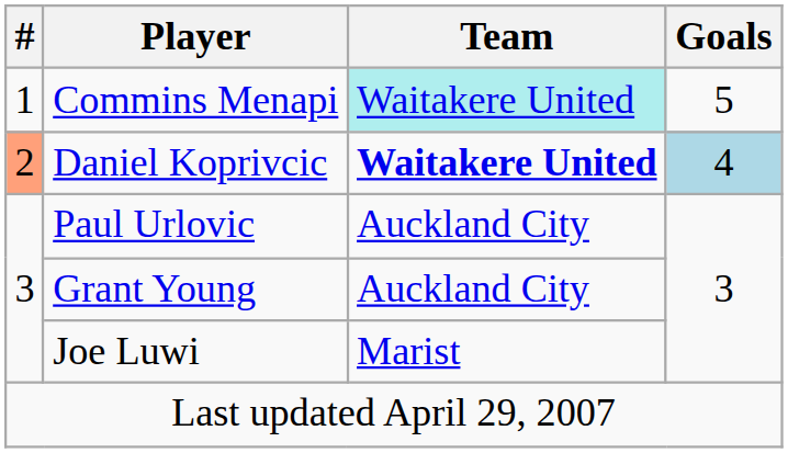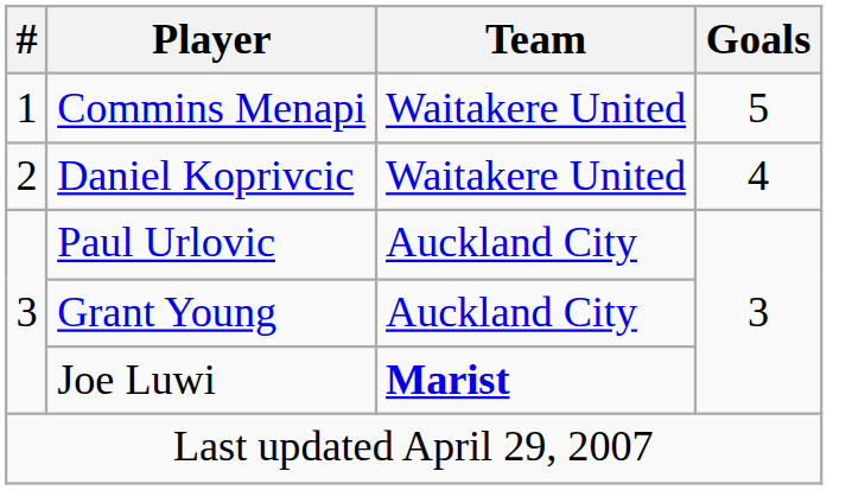 <table class="wikitable" style="text-align: center;">
 <tr>
 <th>#</th>
 <th>Player</th>
 <th>Team</th>
 <th>Goals</th>
 </tr>
 <tr>
 <td rowspan="1">1</td>
 <td align="left"> <a href='#'>Commins Menapi</a></td>
-<td align="left" style="background: paleturquoise;"> <a href='#'>Waitakere United</a></td>
+<td align="left"> <a href='#'>Waitakere United</a></td>
 <td rowspan="1">5</td>
 </tr>
 <tr>
-<td rowspan="1" style="background: lightsalmon;">2</td>
+<td rowspan="1">2</td>
 <td align="left"> <a href='#'>Daniel Koprivcic</a></td>
-<td align="left"><strong> <a href='#'>Waitakere United</a></strong></td>
-<td rowspan="1" style="background: lightblue;">4</td>
+<td align="left"> <a href='#'>Waitakere United</a></td>
+<td rowspan="1">4</td>
 </tr>
 <tr>
 <td rowspan="3">3</td>
 <td align="left"> <a href='#'>Paul Urlovic</a></td>
 <td align="left"> <a href='#'>Auckland City</a></td>
 <td rowspan="3">3</td>
 </tr>
 <tr>
 <td align="left"> <a href='#'>Grant Young</a></td>
 <td align="left"> <a href='#'>Auckland City</a></td>
 </tr>
 <tr>
 <td align="left"> Joe Luwi</td>
-<td align="left"> <a href='#'>Marist</a></td>
+<td align="left"><strong> <a href='#'>Marist</a></strong></td>
 </tr>
 <tr>
 <td colspan="4">Last updated April 29, 2007</td>
 </tr>
 </table>
